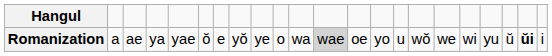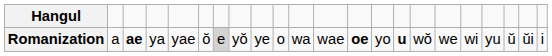 <table class="wikitable" style="text-align:center">
 <tr>
 <th>Hangul</th>
 <td></td>
 <td></td>
 <td></td>
 <td></td>
 <td></td>
 <td></td>
 <td></td>
 <td></td>
 <td></td>
 <td></td>
 <td></td>
 <td></td>
 <td></td>
 <td></td>
 <td></td>
 <td></td>
 <td></td>
 <td></td>
 <td></td>
 <td></td>
 <td></td>
 </tr>
 <tr>
 <th>Romanization</th>
 <td>a</td>
-<td>ae</td>
+<td><strong>ae</strong></td>
 <td>ya</td>
 <td>yae</td>
 <td>ŏ</td>
-<td>e</td>
+<td style="background: lightgrey;">e</td>
 <td>yŏ</td>
 <td>ye</td>
 <td>o</td>
 <td>wa</td>
-<td style="background: lightgrey;">wae</td>
-<td>oe</td>
+<td>wae</td>
+<td><strong>oe</strong></td>
 <td>yo</td>
-<td>u</td>
+<td><strong>u</strong></td>
 <td>wŏ</td>
 <td>we</td>
 <td>wi</td>
 <td>yu</td>
 <td>ŭ</td>
-<td><strong>ŭi</strong></td>
+<td>ŭi</td>
 <td>i</td>
 </tr>
 </table>
